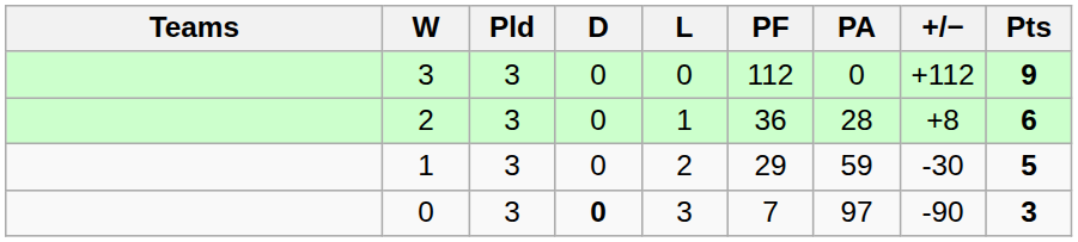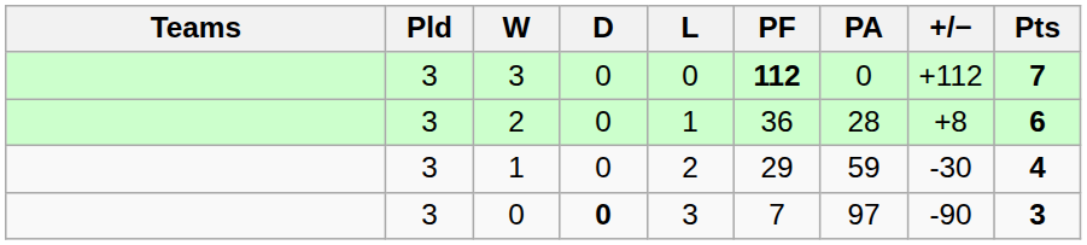 <table class="wikitable" style="text-align: center;">
 <tr>
 <th width="200">Teams</th>
+<th width="40">Pld</th>
 <th width="40">W</th>
-<th width="40">Pld</th>
 <th width="40">D</th>
 <th width="40">L</th>
 <th width="40">PF</th>
 <th width="40">PA</th>
 <th width="40">+/−</th>
 <th width="40">Pts</th>
 </tr>
 <tr style=background:#cfc>
 <td align=left></td>
 <td>3</td>
 <td>3</td>
 <td>0</td>
 <td>0</td>
-<td>112</td>
+<td><strong>112</strong></td>
 <td>0</td>
 <td>+112</td>
-<td><strong>9</strong></td>
+<td><strong>7</strong></td>
 </tr>
 <tr style=background:#cfc>
 <td align=left></td>
+<td>3</td>
 <td>2</td>
-<td>3</td>
 <td>0</td>
 <td>1</td>
 <td>36</td>
 <td>28</td>
 <td>+8</td>
 <td><strong>6</strong></td>
 </tr>
 <tr>
 <td align=left></td>
+<td>3</td>
 <td>1</td>
-<td>3</td>
 <td>0</td>
 <td>2</td>
 <td>29</td>
 <td>59</td>
 <td>-30</td>
-<td><strong>5</strong></td>
+<td><strong>4</strong></td>
 </tr>
 <tr>
 <td align=left></td>
+<td>3</td>
 <td>0</td>
-<td>3</td>
 <td><strong>0</strong></td>
 <td>3</td>
 <td>7</td>
 <td>97</td>
 <td>-90</td>
 <td><strong>3</strong></td>
 </tr>
 </table>
